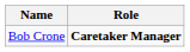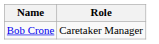 <table class="wikitable">
 <tr>
 <th>Name</th>
 <th>Role</th>
 </tr>
 <tr>
 <td> <a href='#'>Bob Crone</a></td>
-<td><strong>Caretaker Manager</strong></td>
+<td>Caretaker Manager</td>
 </tr>
 </table>
